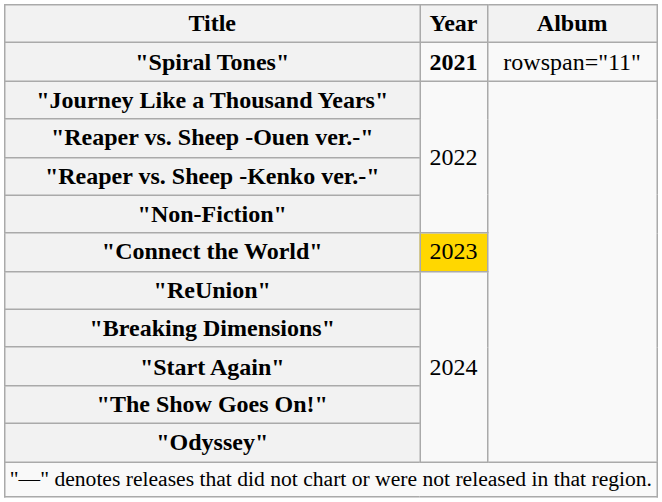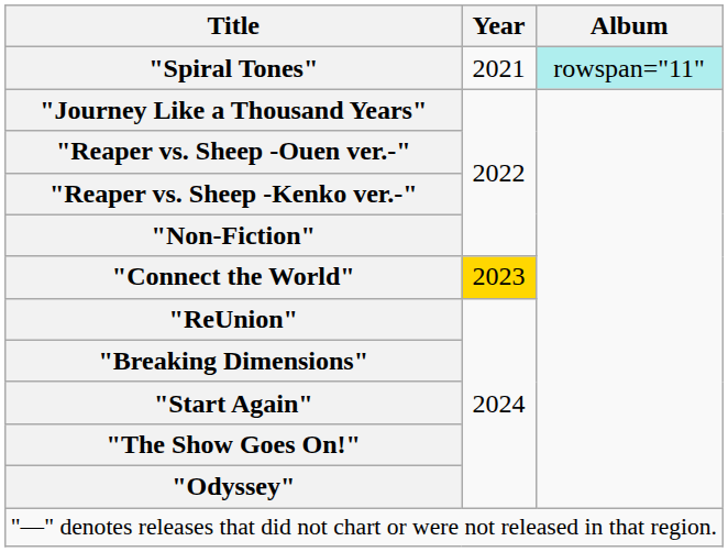 <table class="wikitable plainrowheaders" style="text-align:center;">
 <tr>
 <th scope="col">Title</th>
 <th scope="col">Year</th>
 <th scope="col">Album</th>
 </tr>
 <tr>
 <th scope="row">"Spiral Tones"<br></th>
-<td><strong>2021</strong></td>
-<td>rowspan="11" </td>
+<td>2021</td>
+<td style="background: paleturquoise;">rowspan="11" </td>
 </tr>
 <tr>
 <th scope="row">"Journey Like a Thousand Years"<br></th>
 <td rowspan="4">2022</td>
 </tr>
 <tr>
 <th scope="row">"Reaper vs. Sheep -Ouen ver.-"<br></th>
 </tr>
 <tr>
 <th scope="row">"Reaper vs. Sheep -Kenko ver.-"<br></th>
 </tr>
 <tr>
 <th scope="row">"Non-Fiction"<br></th>
 </tr>
 <tr>
 <th scope="row">"Connect the World"<br></th>
 <td style="background: gold;">2023</td>
 </tr>
 <tr>
 <th scope="row">"ReUnion"<br></th>
 <td rowspan="5">2024</td>
 </tr>
 <tr>
 <th scope="row">"Breaking Dimensions"<br></th>
 </tr>
 <tr>
 <th scope="row">"Start Again"<br></th>
 </tr>
 <tr>
 <th scope="row">"The Show Goes On!"<br></th>
 </tr>
 <tr>
 <th scope="row">"Odyssey"<br></th>
 </tr>
 <tr>
 <td colspan="6" style="font-size:90%;">"—" denotes releases that did not chart or were not released in that region.</td>
 </tr>
 </table>
